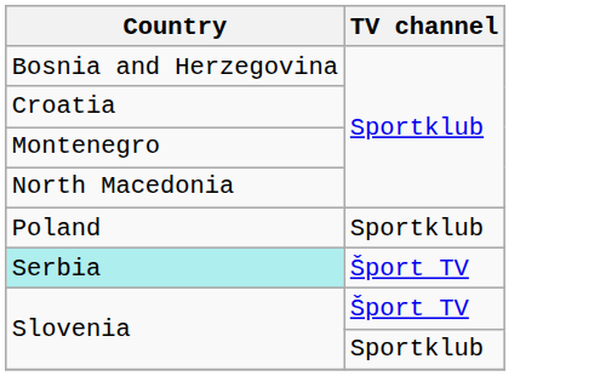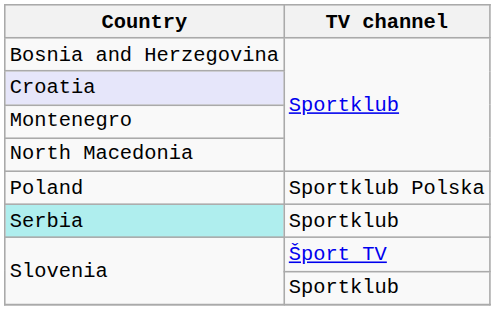 <table class="wikitable">
 <tr>
 <th>Country</th>
 <th>TV channel</th>
 </tr>
 <tr>
 <td>Bosnia and Herzegovina</td>
 <td rowspan="4"><a href='#'>Sportklub</a></td>
 </tr>
 <tr>
-<td>Croatia</td>
+<td style="background: lavender;">Croatia</td>
 </tr>
 <tr>
 <td>Montenegro</td>
 </tr>
 <tr>
 <td>North Macedonia</td>
 </tr>
 <tr>
 <td>Poland</td>
-<td>Sportklub</td>
+<td>Sportklub Polska</td>
 </tr>
 <tr>
 <td style="background: paleturquoise;">Serbia</td>
-<td><a href='#'>Šport TV</a></td>
+<td>Sportklub</td>
 </tr>
 <tr>
 <td rowspan="2">Slovenia</td>
 <td><a href='#'>Šport TV</a></td>
 </tr>
 <tr>
 <td>Sportklub</td>
 </tr>
 <tr>
 </tr>
 </table>
